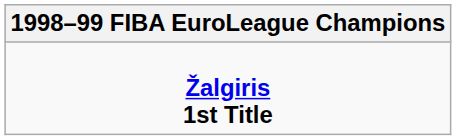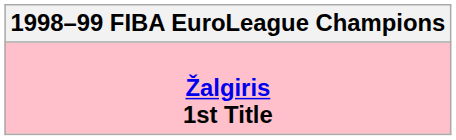 <table class=wikitable style="text-align:center; margin:auto">
 <tr>
 <th>1998–99 FIBA EuroLeague Champions</th>
 </tr>
 <tr>
-<td><br> <strong><a href='#'>Žalgiris</a></strong> <br> <strong>1st Title</strong></td>
+<td style="background: pink;"><br> <strong><a href='#'>Žalgiris</a></strong> <br> <strong>1st Title</strong></td>
 </tr>
 </table>
